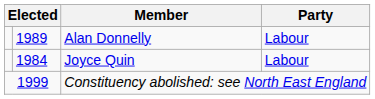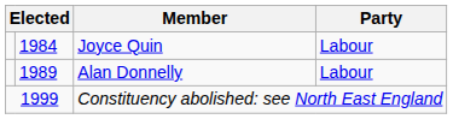 <table class="wikitable">
 <tr>
 <th colspan = "2">Elected</th>
 <th>Member</th>
 <th>Party</th>
 </tr>
 <tr>
 <td style="background-color: "></td>
-<td><a href='#'>1989</a></td>
-<td><a href='#'>Alan Donnelly</a></td>
+<td><a href='#'>1984</a></td>
+<td><a href='#'>Joyce Quin</a></td>
 <td><a href='#'>Labour</a></td>
 </tr>
 <tr>
 <td style="background-color: "></td>
-<td><a href='#'>1984</a></td>
-<td><a href='#'>Joyce Quin</a></td>
+<td><a href='#'>1989</a></td>
+<td><a href='#'>Alan Donnelly</a></td>
 <td><a href='#'>Labour</a></td>
 </tr>
 <tr>
 <td colspan="2" align="center"><a href='#'>1999</a></td>
 <td colspan="2"><em>Constituency abolished: see <a href='#'>North East England</a></em></td>
 </tr>
 </table>
